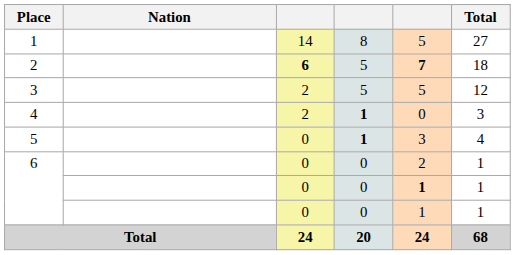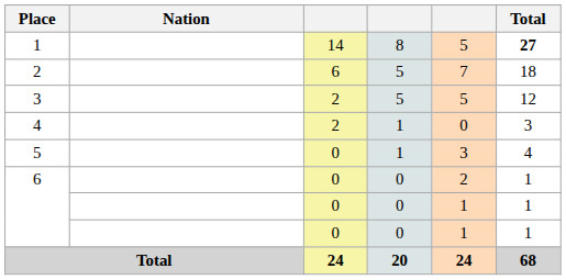 <table class=wikitable style="border:1px solid #AAAAAA;font-size:90%">
 <tr bgcolor="#EFEFEF">
 <th width=50>Place</th>
 <th width=200>Nation</th>
 <th width=50></th>
 <th width=50></th>
 <th width=50></th>
 <th width=50>Total</th>
 </tr>
 <tr align="center" valign="top" bgcolor="#FFFFFF">
 <td>1</td>
 <td align="left"></td>
 <td style="background:#F7F6A8;">14</td>
 <td style="background:#DCE5E5;">8</td>
 <td style="background:#FFDAB9;">5</td>
-<td>27</td>
+<td><strong>27</strong></td>
 </tr>
 <tr align="center" valign="top" bgcolor="#FFFFFF">
 <td>2</td>
 <td align="left"></td>
-<td style="background:#F7F6A8;"><strong>6</strong></td>
+<td style="background:#F7F6A8;">6</td>
 <td style="background:#DCE5E5;">5</td>
-<td style="background:#FFDAB9;"><strong>7</strong></td>
+<td style="background:#FFDAB9;">7</td>
 <td>18</td>
 </tr>
 <tr align="center" valign="top" bgcolor="#FFFFFF">
 <td>3</td>
 <td align="left"></td>
 <td style="background:#F7F6A8;">2</td>
 <td style="background:#DCE5E5;">5</td>
 <td style="background:#FFDAB9;">5</td>
 <td>12</td>
 </tr>
 <tr align="center" valign="top" bgcolor="#FFFFFF">
 <td>4</td>
 <td align="left"></td>
 <td style="background:#F7F6A8;">2</td>
-<td style="background:#DCE5E5;"><strong>1</strong></td>
+<td style="background:#DCE5E5;">1</td>
 <td style="background:#FFDAB9;">0</td>
 <td>3</td>
 </tr>
 <tr align="center" valign="top" bgcolor="#FFFFFF">
 <td>5</td>
 <td align="left"></td>
 <td style="background:#F7F6A8;">0</td>
-<td style="background:#DCE5E5;"><strong>1</strong></td>
+<td style="background:#DCE5E5;">1</td>
 <td style="background:#FFDAB9;">3</td>
 <td>4</td>
 </tr>
 <tr align="center" valign="top" bgcolor="#FFFFFF">
 <td rowspan="3" valign="center">6</td>
 <td align="left"></td>
 <td style="background:#F7F6A8;">0</td>
 <td style="background:#DCE5E5;">0</td>
 <td style="background:#FFDAB9;">2</td>
 <td>1</td>
 </tr>
 <tr align="center" valign="top" bgcolor="#FFFFFF">
 <td align="left"></td>
 <td style="background:#F7F6A8;">0</td>
 <td style="background:#DCE5E5;">0</td>
-<td style="background:#FFDAB9;"><strong>1</strong></td>
+<td style="background:#FFDAB9;">1</td>
 <td>1</td>
 </tr>
 <tr align="center" valign="top" bgcolor="#FFFFFF">
 <td align="left"></td>
 <td style="background:#F7F6A8;">0</td>
 <td style="background:#DCE5E5;">0</td>
 <td style="background:#FFDAB9;">1</td>
 <td>1</td>
 </tr>
 <tr align="center">
 <td colspan="2" bgcolor=D3D3D3><strong>Total</strong></td>
 <td style="background:#F7F6A8;"><strong>24</strong></td>
 <td style="background:#DCE5E5;"><strong>20</strong></td>
 <td style="background:#FFDAB9;"><strong>24</strong></td>
 <td bgcolor=D3D3D3><strong>68</strong></td>
 </tr>
 </table>
